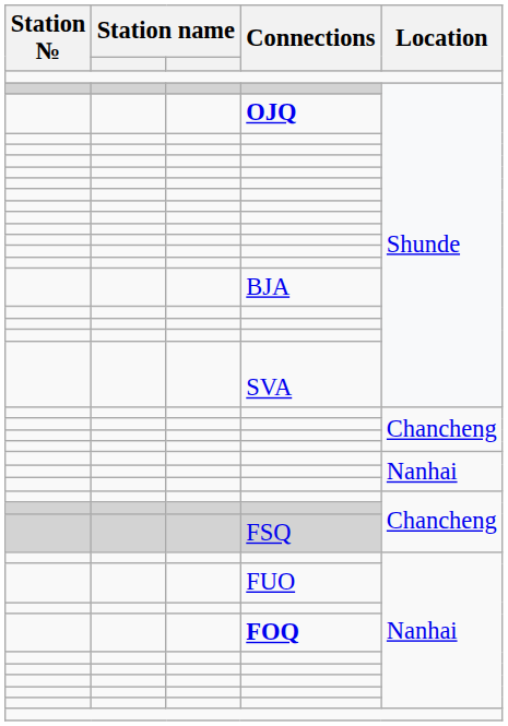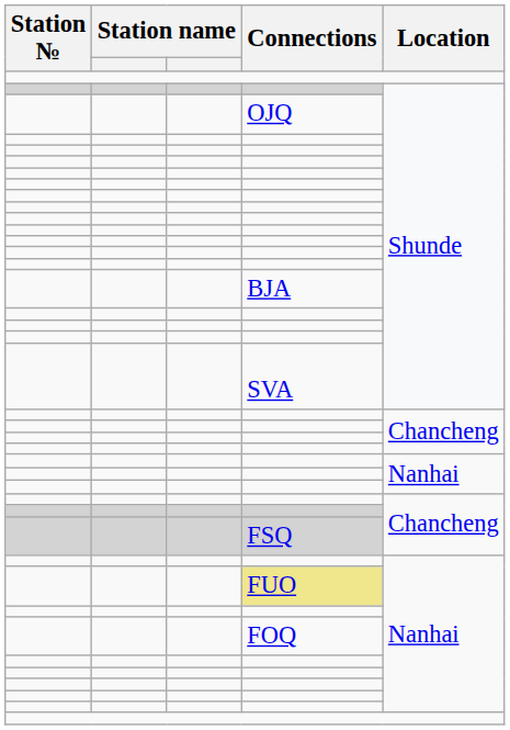 <table class="wikitable">
 <tr>
 <th rowspan="2">Station<br>№</th>
 <th colspan="2">Station name</th>
 <th rowspan="2">Connections</th>
 <th rowspan="2">Location</th>
 </tr>
 <tr>
 <th></th>
 <th></th>
 </tr>
 <tr style="background:#">
 <td colspan="5"></td>
 </tr>
 <tr bgcolor="lightgrey">
 <td></td>
 <td></td>
 <td></td>
 <td></td>
 <td rowspan="19" bgcolor=#F8F9FA><a href='#'>Shunde</a></td>
 </tr>
 <tr>
 <td></td>
 <td></td>
 <td></td>
-<td><strong>  <a href='#'>OJQ</a></strong></td>
+<td>  <a href='#'>OJQ</a></td>
 </tr>
 <tr>
 <td></td>
 <td></td>
 <td></td>
 <td></td>
 </tr>
 <tr>
 <td></td>
 <td></td>
 <td></td>
 <td></td>
 </tr>
 <tr>
 <td></td>
 <td></td>
 <td></td>
 <td></td>
 </tr>
 <tr>
 <td></td>
 <td></td>
 <td></td>
 <td></td>
 </tr>
 <tr>
 <td></td>
 <td></td>
 <td></td>
 <td></td>
 </tr>
 <tr>
 <td></td>
 <td></td>
 <td></td>
 <td></td>
 </tr>
 <tr>
 <td></td>
 <td></td>
 <td></td>
 <td></td>
 </tr>
 <tr>
 <td></td>
 <td></td>
 <td></td>
 <td></td>
 </tr>
 <tr>
 <td></td>
 <td></td>
 <td></td>
 <td></td>
 </tr>
 <tr>
 <td></td>
 <td></td>
 <td></td>
 <td></td>
 </tr>
 <tr>
 <td></td>
 <td></td>
 <td></td>
 <td>  </td>
 </tr>
 <tr>
 <td></td>
 <td></td>
 <td></td>
 <td></td>
 </tr>
 <tr>
 <td></td>
 <td></td>
 <td></td>
 <td> <a href='#'>BJA</a> </td>
 </tr>
 <tr>
 <td></td>
 <td></td>
 <td></td>
 <td></td>
 </tr>
 <tr>
 <td></td>
 <td></td>
 <td></td>
 <td></td>
 </tr>
 <tr>
 <td></td>
 <td></td>
 <td></td>
 <td></td>
 </tr>
 <tr>
 <td></td>
 <td></td>
 <td></td>
 <td> <br> <a href='#'>SVA</a> </td>
 </tr>
 <tr>
 <td></td>
 <td></td>
 <td></td>
 <td> </td>
 <td rowspan="4"><a href='#'>Chancheng</a></td>
 </tr>
 <tr>
 <td></td>
 <td></td>
 <td></td>
 <td></td>
 </tr>
 <tr>
 <td></td>
 <td></td>
 <td></td>
 <td></td>
 </tr>
 <tr>
 <td></td>
 <td></td>
 <td></td>
 <td></td>
 </tr>
 <tr>
 <td></td>
 <td></td>
 <td></td>
 <td> </td>
 <td rowspan="3"><a href='#'>Nanhai</a></td>
 </tr>
 <tr>
 <td></td>
 <td></td>
 <td></td>
 <td></td>
 </tr>
 <tr>
 <td></td>
 <td></td>
 <td></td>
 <td></td>
 </tr>
 <tr>
 <td></td>
 <td></td>
 <td></td>
 <td></td>
 <td rowspan="3"><a href='#'>Chancheng</a></td>
 </tr>
 <tr bgcolor="lightgrey">
 <td></td>
 <td></td>
 <td></td>
 <td></td>
 </tr>
 <tr bgcolor="lightgrey">
 <td></td>
 <td></td>
 <td></td>
 <td> <a href='#'>FSQ</a></td>
 </tr>
 <tr>
 <td></td>
 <td></td>
 <td></td>
 <td></td>
 <td rowspan="9"><a href='#'>Nanhai</a></td>
 </tr>
 <tr>
 <td></td>
 <td></td>
 <td></td>
-<td> <a href='#'>FUO</a></td>
+<td style="background: khaki;"> <a href='#'>FUO</a></td>
 </tr>
 <tr>
 <td></td>
 <td></td>
 <td></td>
 <td></td>
 </tr>
 <tr>
 <td></td>
 <td></td>
 <td></td>
-<td><strong>   <a href='#'>FOQ</a> </strong></td>
+<td>   <a href='#'>FOQ</a> </td>
 </tr>
 <tr>
 <td></td>
 <td></td>
 <td></td>
 <td></td>
 </tr>
 <tr>
 <td></td>
 <td></td>
 <td></td>
 <td></td>
 </tr>
 <tr>
 <td></td>
 <td></td>
 <td></td>
 <td></td>
 </tr>
 <tr>
 <td></td>
 <td></td>
 <td></td>
 <td></td>
 </tr>
 <tr>
 <td></td>
 <td></td>
 <td></td>
 <td></td>
 </tr>
 <tr style="background:#">
 <td colspan="5"></td>
 </tr>
 </table>
